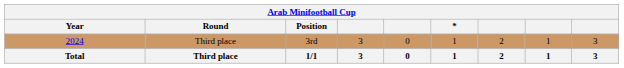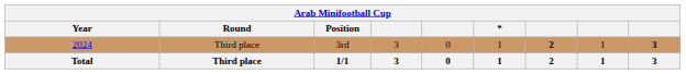 <table class="wikitable" style="font-size:90%; text-align:center;" width="50%">
 <tr>
 <th colspan="9"><a href='#'>Arab Minifootball Cup</a></th>
 </tr>
 <tr>
 <th width="15%">Year</th>
 <th width="15%">Round</th>
 <th width="5%">Position</th>
 <th width="5%"></th>
 <th width="5%"></th>
 <th width="5%">*</th>
 <th width="5%"></th>
 <th width="5%"></th>
 <th width="5%"></th>
 </tr>
 <tr bgcolor=#cc9966>
 <td> <a href='#'>2024</a></td>
 <td>Third place</td>
 <td>3rd</td>
 <td>3</td>
 <td>0</td>
 <td>1</td>
-<td>2</td>
+<td><strong>2</strong></td>
 <td>1</td>
-<td>3</td>
+<td><strong>3</strong></td>
 </tr>
 <tr>
 <th>Total</th>
 <th>Third place</th>
 <th>1/1</th>
 <th>3</th>
 <th>0</th>
 <th>1</th>
 <th>2</th>
 <th>1</th>
 <th>3</th>
 </tr>
 </table>
